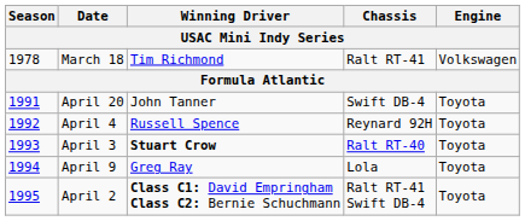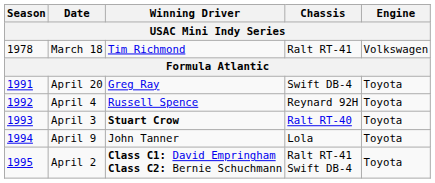 <table class="wikitable" style="font-size: 85%;">
 <tr>
 <th>Season</th>
 <th>Date</th>
 <th>Winning Driver</th>
 <th>Chassis</th>
 <th>Engine</th>
 </tr>
 <tr>
 <th colspan="5">USAC Mini Indy Series</th>
 </tr>
 <tr>
 <td>1978</td>
 <td>March 18</td>
 <td> <a href='#'>Tim Richmond</a></td>
 <td>Ralt RT-41</td>
 <td>Volkswagen</td>
 </tr>
 <tr>
 <th colspan="5">Formula Atlantic</th>
 </tr>
 <tr>
 <td><a href='#'>1991</a></td>
 <td>April 20</td>
-<td>John Tanner</td>
+<td><a href='#'>Greg Ray</a></td>
 <td>Swift DB-4</td>
 <td>Toyota</td>
 </tr>
 <tr>
 <td><a href='#'>1992</a></td>
 <td>April 4</td>
 <td><a href='#'>Russell Spence</a></td>
 <td>Reynard 92H</td>
 <td>Toyota</td>
 </tr>
 <tr>
 <td><a href='#'>1993</a></td>
 <td>April 3</td>
 <td><strong>Stuart Crow</strong></td>
 <td><a href='#'>Ralt RT-40</a></td>
 <td>Toyota</td>
 </tr>
 <tr>
 <td><a href='#'>1994</a></td>
 <td>April 9</td>
-<td><a href='#'>Greg Ray</a></td>
+<td>John Tanner</td>
 <td>Lola</td>
 <td>Toyota</td>
 </tr>
 <tr>
 <td><a href='#'>1995</a></td>
 <td>April 2</td>
 <td><strong>Class C1:</strong> <a href='#'>David Empringham</a><br><strong>Class C2:</strong> Bernie Schuchmann</td>
 <td>Ralt RT-41<br>	Swift DB-4</td>
 <td rowspan:2>Toyota</td>
 </tr>
 </table>
